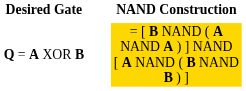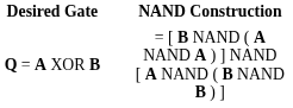 <table align=center style="text-align:center">
 <tr>
 <th width=150>Desired Gate</th>
 <th width=150>NAND Construction</th>
 </tr>
 <tr>
 <td></td>
 <td></td>
 </tr>
 <tr class="nowrap">
 <td><strong>Q</strong>  =  <strong>A</strong> XOR <strong>B</strong></td>
-<td style="background: gold;">= [ <strong>B</strong> NAND  ( <strong>A</strong> NAND <strong>A</strong> ) ] NAND<br> [ <strong>A</strong> NAND ( <strong>B</strong> NAND <strong>B</strong> ) ]</td>
+<td>= [ <strong>B</strong> NAND  ( <strong>A</strong> NAND <strong>A</strong> ) ] NAND<br> [ <strong>A</strong> NAND ( <strong>B</strong> NAND <strong>B</strong> ) ]</td>
 </tr>
 </table>
